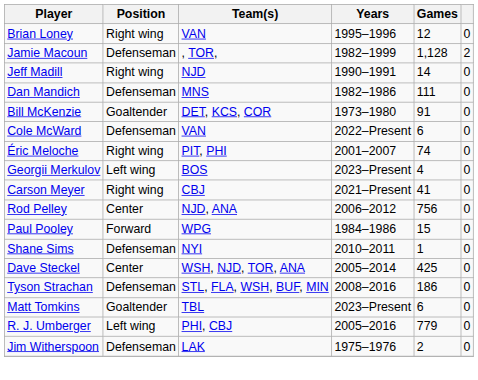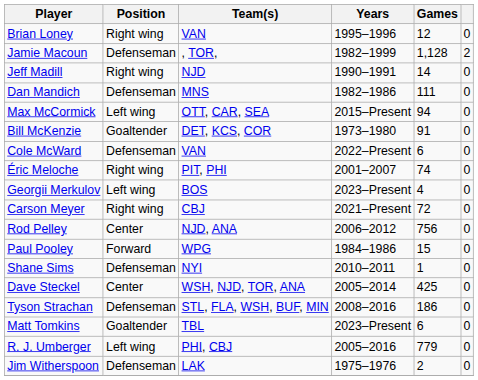 <table class="wikitable sortable">
 <tr>
 <th>Player</th>
 <th>Position</th>
 <th>Team(s)</th>
 <th>Years</th>
 <th>Games</th>
 <th><a href='#'></a></th>
 </tr>
 <tr>
 <td><a href='#'>Brian Loney</a></td>
 <td>Right wing</td>
 <td><a href='#'>VAN</a></td>
 <td>1995–1996</td>
 <td>12</td>
 <td>0</td>
 </tr>
 <tr>
 <td><a href='#'>Jamie Macoun</a></td>
 <td>Defenseman</td>
 <td><span><strong></strong></span>, <a href='#'>TOR</a>, <span><strong></strong></span></td>
 <td>1982–1999</td>
 <td>1,128</td>
 <td>2</td>
 </tr>
 <tr>
 <td><a href='#'>Jeff Madill</a></td>
 <td>Right wing</td>
 <td><a href='#'>NJD</a></td>
 <td>1990–1991</td>
 <td>14</td>
 <td>0</td>
 </tr>
 <tr>
 <td><a href='#'>Dan Mandich</a></td>
 <td>Defenseman</td>
 <td><a href='#'>MNS</a></td>
 <td>1982–1986</td>
 <td>111</td>
 <td>0</td>
 </tr>
 <tr>
+<td><a href='#'>Max McCormick</a></td>
+<td>Left wing</td>
+<td><a href='#'>OTT</a>, <a href='#'>CAR</a>, <a href='#'>SEA</a></td>
+<td>2015–Present</td>
+<td>94</td>
+<td>0</td>
+</tr>
+<tr>
 <td><a href='#'>Bill McKenzie</a></td>
 <td>Goaltender</td>
 <td><a href='#'>DET</a>, <a href='#'>KCS</a>, <a href='#'>COR</a></td>
 <td>1973–1980</td>
 <td>91</td>
 <td>0</td>
 </tr>
 <tr>
 <td><a href='#'>Cole McWard</a></td>
 <td>Defenseman</td>
 <td><a href='#'>VAN</a></td>
 <td>2022–Present</td>
 <td>6</td>
 <td>0</td>
 </tr>
 <tr>
 <td><a href='#'>Éric Meloche</a></td>
 <td>Right wing</td>
 <td><a href='#'>PIT</a>, <a href='#'>PHI</a></td>
 <td>2001–2007</td>
 <td>74</td>
 <td>0</td>
 </tr>
 <tr>
 <td><a href='#'>Georgii Merkulov</a></td>
 <td>Left wing</td>
 <td><a href='#'>BOS</a></td>
 <td>2023–Present</td>
 <td>4</td>
 <td>0</td>
 </tr>
 <tr>
 <td><a href='#'>Carson Meyer</a></td>
 <td>Right wing</td>
 <td><a href='#'>CBJ</a></td>
 <td>2021–Present</td>
-<td>41</td>
+<td>72</td>
 <td>0</td>
 </tr>
 <tr>
 <td><a href='#'>Rod Pelley</a></td>
 <td>Center</td>
 <td><a href='#'>NJD</a>, <a href='#'>ANA</a></td>
 <td>2006–2012</td>
 <td>756</td>
 <td>0</td>
 </tr>
 <tr>
 <td><a href='#'>Paul Pooley</a></td>
 <td>Forward</td>
 <td><a href='#'>WPG</a></td>
 <td>1984–1986</td>
 <td>15</td>
 <td>0</td>
 </tr>
 <tr>
 <td><a href='#'>Shane Sims</a></td>
 <td>Defenseman</td>
 <td><a href='#'>NYI</a></td>
 <td>2010–2011</td>
 <td>1</td>
 <td>0</td>
 </tr>
 <tr>
 <td><a href='#'>Dave Steckel</a></td>
 <td>Center</td>
 <td><a href='#'>WSH</a>, <a href='#'>NJD</a>, <a href='#'>TOR</a>, <a href='#'>ANA</a></td>
 <td>2005–2014</td>
 <td>425</td>
 <td>0</td>
 </tr>
 <tr>
 <td><a href='#'>Tyson Strachan</a></td>
 <td>Defenseman</td>
 <td><a href='#'>STL</a>, <a href='#'>FLA</a>, <a href='#'>WSH</a>, <a href='#'>BUF</a>, <a href='#'>MIN</a></td>
 <td>2008–2016</td>
 <td>186</td>
 <td>0</td>
 </tr>
 <tr>
 <td><a href='#'>Matt Tomkins</a></td>
 <td>Goaltender</td>
 <td><a href='#'>TBL</a></td>
 <td>2023–Present</td>
 <td>6</td>
 <td>0</td>
 </tr>
 <tr>
 <td><a href='#'>R. J. Umberger</a></td>
 <td>Left wing</td>
 <td><a href='#'>PHI</a>, <a href='#'>CBJ</a></td>
 <td>2005–2016</td>
 <td>779</td>
 <td>0</td>
 </tr>
 <tr>
 <td><a href='#'>Jim Witherspoon</a></td>
 <td>Defenseman</td>
 <td><a href='#'>LAK</a></td>
 <td>1975–1976</td>
 <td>2</td>
 <td>0</td>
 </tr>
 <tr>
 </tr>
 </table>
